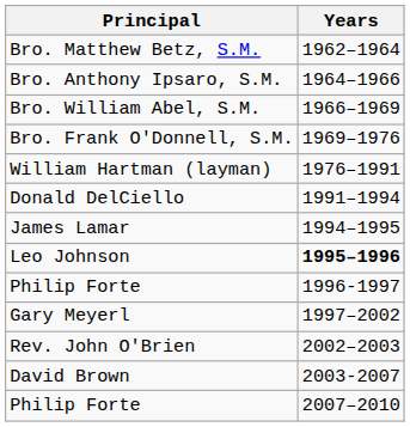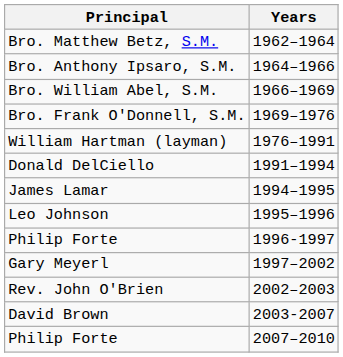 <table class="wikitable">
 <tr>
 <th>Principal</th>
 <th>Years</th>
 </tr>
 <tr>
 <td>Bro. Matthew Betz, <a href='#'>S.M.</a></td>
 <td>1962–1964</td>
 </tr>
 <tr>
 <td>Bro. Anthony Ipsaro, S.M.</td>
 <td>1964–1966</td>
 </tr>
 <tr>
 <td>Bro. William Abel, S.M.</td>
 <td>1966–1969</td>
 </tr>
 <tr>
 <td>Bro. Frank O'Donnell, S.M.</td>
 <td>1969–1976</td>
 </tr>
 <tr>
 <td>William Hartman (layman)</td>
 <td>1976–1991</td>
 </tr>
 <tr>
 <td>Donald DelCiello</td>
 <td>1991–1994</td>
 </tr>
 <tr>
 <td>James Lamar</td>
 <td>1994–1995</td>
 </tr>
 <tr>
 <td>Leo Johnson</td>
-<td><strong>1995–1996</strong></td>
+<td>1995–1996</td>
 </tr>
 <tr>
 <td>Philip Forte</td>
 <td>1996-1997</td>
 </tr>
 <tr>
 <td>Gary Meyerl</td>
 <td>1997–2002</td>
 </tr>
 <tr>
 <td>Rev. John O'Brien</td>
 <td>2002–2003</td>
 </tr>
 <tr>
 <td>David Brown</td>
 <td>2003-2007</td>
 </tr>
 <tr>
 <td>Philip Forte</td>
 <td>2007–2010</td>
 </tr>
 </table>
